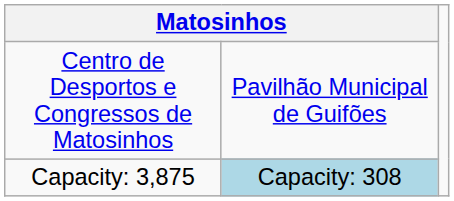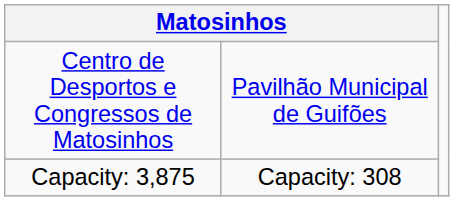 <table class="wikitable" style="text-align:center;">
 <tr>
 <th colspan="2"><a href='#'>Matosinhos</a></th>
 <td rowspan="3"><br></td>
 </tr>
 <tr>
 <td width=140px><a href='#'>Centro de Desportos e Congressos de Matosinhos</a></td>
 <td width=140px><a href='#'>Pavilhão Municipal de Guifões</a></td>
 </tr>
 <tr>
 <td>Capacity: 3,875</td>
-<td style="background: lightblue;">Capacity: 308</td>
+<td>Capacity: 308</td>
 </tr>
 </table>
